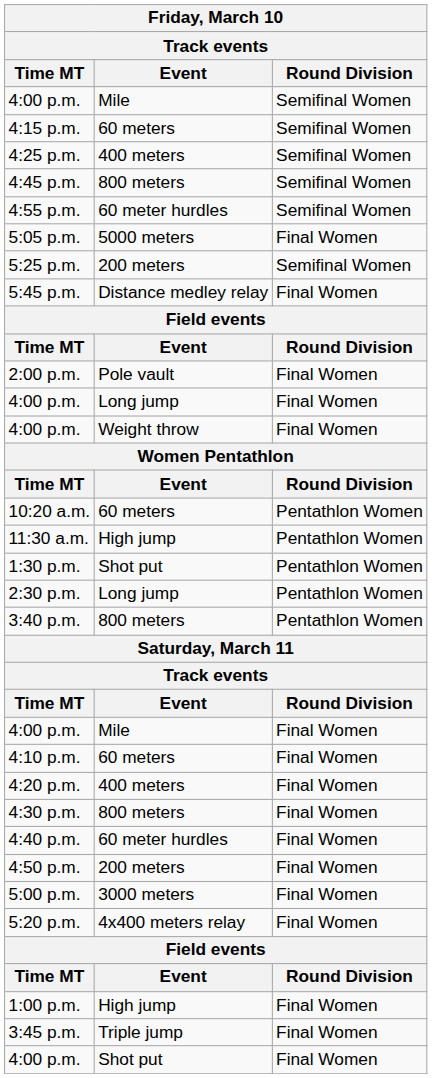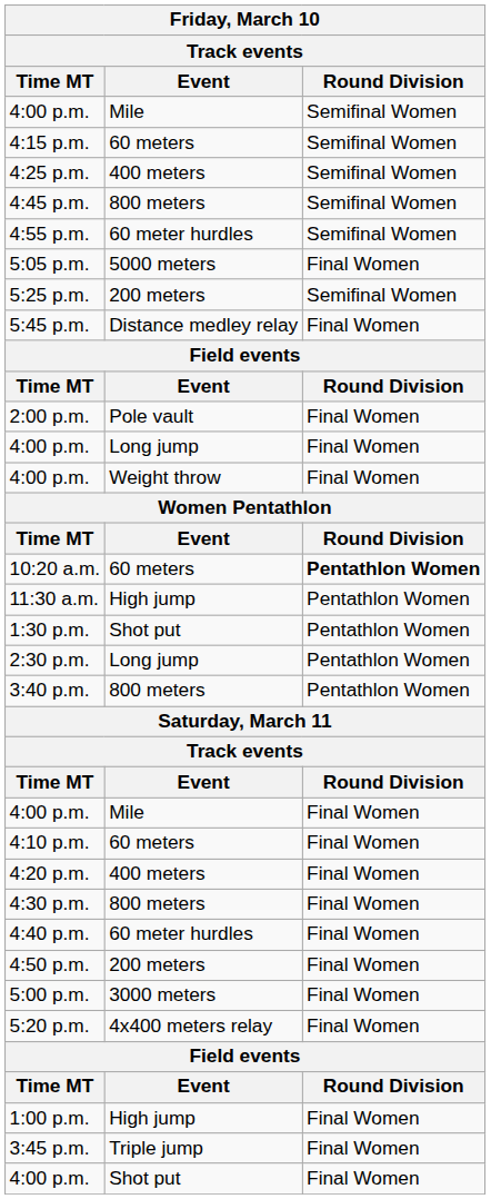 <table class="wikitable collapsible">
 <tr>
 <th colspan="6">Friday, March 10</th>
 </tr>
 <tr>
 <th colspan="6">Track events</th>
 </tr>
 <tr>
 <th>Time MT</th>
 <th>Event</th>
 <th>Round Division</th>
 </tr>
 <tr>
 <td>4:00 p.m.</td>
 <td>Mile</td>
 <td>Semifinal Women</td>
 </tr>
 <tr>
 <td>4:15 p.m.</td>
 <td>60 meters</td>
 <td>Semifinal Women</td>
 </tr>
 <tr>
 <td>4:25 p.m.</td>
 <td>400 meters</td>
 <td>Semifinal Women</td>
 </tr>
 <tr>
 <td>4:45 p.m.</td>
 <td>800 meters</td>
 <td>Semifinal Women</td>
 </tr>
 <tr>
 <td>4:55 p.m.</td>
 <td>60 meter hurdles</td>
 <td>Semifinal Women</td>
 </tr>
 <tr>
 <td>5:05 p.m.</td>
 <td>5000 meters</td>
 <td>Final Women</td>
 </tr>
 <tr>
 <td>5:25 p.m.</td>
 <td>200 meters</td>
 <td>Semifinal Women</td>
 </tr>
 <tr>
 <td>5:45 p.m.</td>
 <td>Distance medley relay</td>
 <td>Final Women</td>
 </tr>
 <tr>
 <th colspan="6">Field events</th>
 </tr>
 <tr>
 <th>Time MT</th>
 <th>Event</th>
 <th>Round Division</th>
 </tr>
 <tr>
 <td>2:00 p.m.</td>
 <td>Pole vault</td>
 <td>Final Women</td>
 </tr>
 <tr>
 <td>4:00 p.m.</td>
 <td>Long jump</td>
 <td>Final Women</td>
 </tr>
 <tr>
 <td>4:00 p.m.</td>
 <td>Weight throw</td>
 <td>Final Women</td>
 </tr>
 <tr>
 <th colspan="6">Women Pentathlon</th>
 </tr>
 <tr>
 <th>Time MT</th>
 <th>Event</th>
 <th>Round Division</th>
 </tr>
 <tr>
 <td>10:20 a.m.</td>
 <td>60 meters</td>
-<td>Pentathlon Women</td>
+<td><strong>Pentathlon Women</strong></td>
 </tr>
 <tr>
 <td>11:30 a.m.</td>
 <td>High jump</td>
 <td>Pentathlon Women</td>
 </tr>
 <tr>
 <td>1:30 p.m.</td>
 <td>Shot put</td>
 <td>Pentathlon Women</td>
 </tr>
 <tr>
 <td>2:30 p.m.</td>
 <td>Long jump</td>
 <td>Pentathlon Women</td>
 </tr>
 <tr>
 <td>3:40 p.m.</td>
 <td>800 meters</td>
 <td>Pentathlon Women</td>
 </tr>
 <tr>
 <th colspan="6">Saturday, March 11</th>
 </tr>
 <tr>
 <th colspan="6">Track events</th>
 </tr>
 <tr>
 <th>Time MT</th>
 <th>Event</th>
 <th>Round Division</th>
 </tr>
 <tr>
 <td>4:00 p.m.</td>
 <td>Mile</td>
 <td>Final Women</td>
 </tr>
 <tr>
 <td>4:10 p.m.</td>
 <td>60 meters</td>
 <td>Final Women</td>
 </tr>
 <tr>
 <td>4:20 p.m.</td>
 <td>400 meters</td>
 <td>Final Women</td>
 </tr>
 <tr>
 <td>4:30 p.m.</td>
 <td>800 meters</td>
 <td>Final Women</td>
 </tr>
 <tr>
 <td>4:40 p.m.</td>
 <td>60 meter hurdles</td>
 <td>Final Women</td>
 </tr>
 <tr>
 <td>4:50 p.m.</td>
 <td>200 meters</td>
 <td>Final Women</td>
 </tr>
 <tr>
 <td>5:00 p.m.</td>
 <td>3000 meters</td>
 <td>Final Women</td>
 </tr>
 <tr>
 <td>5:20 p.m.</td>
 <td>4x400 meters relay</td>
 <td>Final Women</td>
 </tr>
 <tr>
 <th colspan="6">Field events</th>
 </tr>
 <tr>
 <th>Time MT</th>
 <th>Event</th>
 <th>Round Division</th>
 </tr>
 <tr>
 <td>1:00 p.m.</td>
 <td>High jump</td>
 <td>Final Women</td>
 </tr>
 <tr>
 <td>3:45 p.m.</td>
 <td>Triple jump</td>
 <td>Final Women</td>
 </tr>
 <tr>
 <td>4:00 p.m.</td>
 <td>Shot put</td>
 <td>Final Women</td>
 </tr>
 </table>
